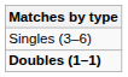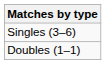 <table class="wikitable" style=font-size:90%>
 <tr>
 <th>Matches by type</th>
 </tr>
 <tr>
 <td>Singles (3–6)</td>
 </tr>
 <tr>
-<td><strong>Doubles (1–1)</strong></td>
+<td>Doubles (1–1)</td>
 </tr>
 </table>
